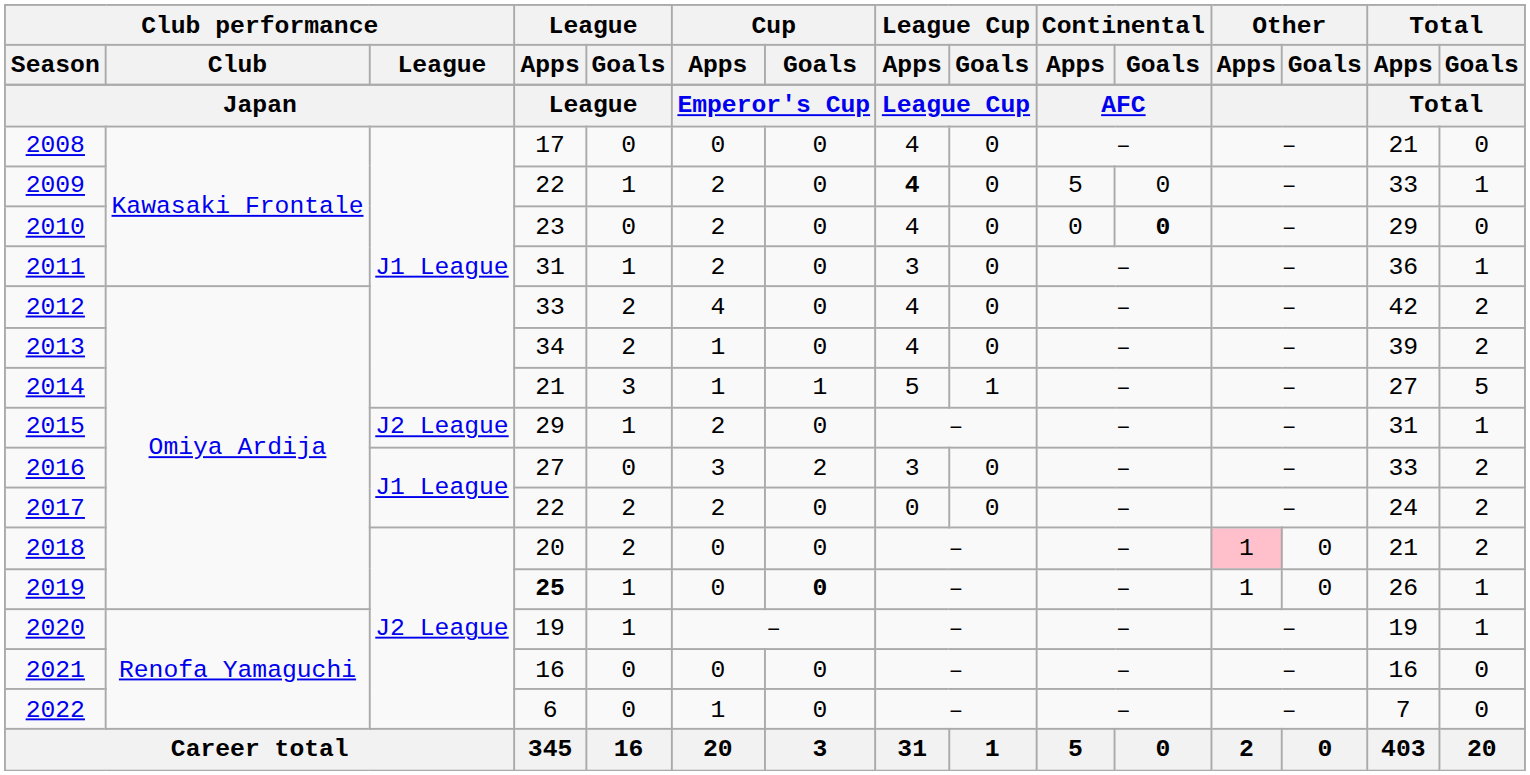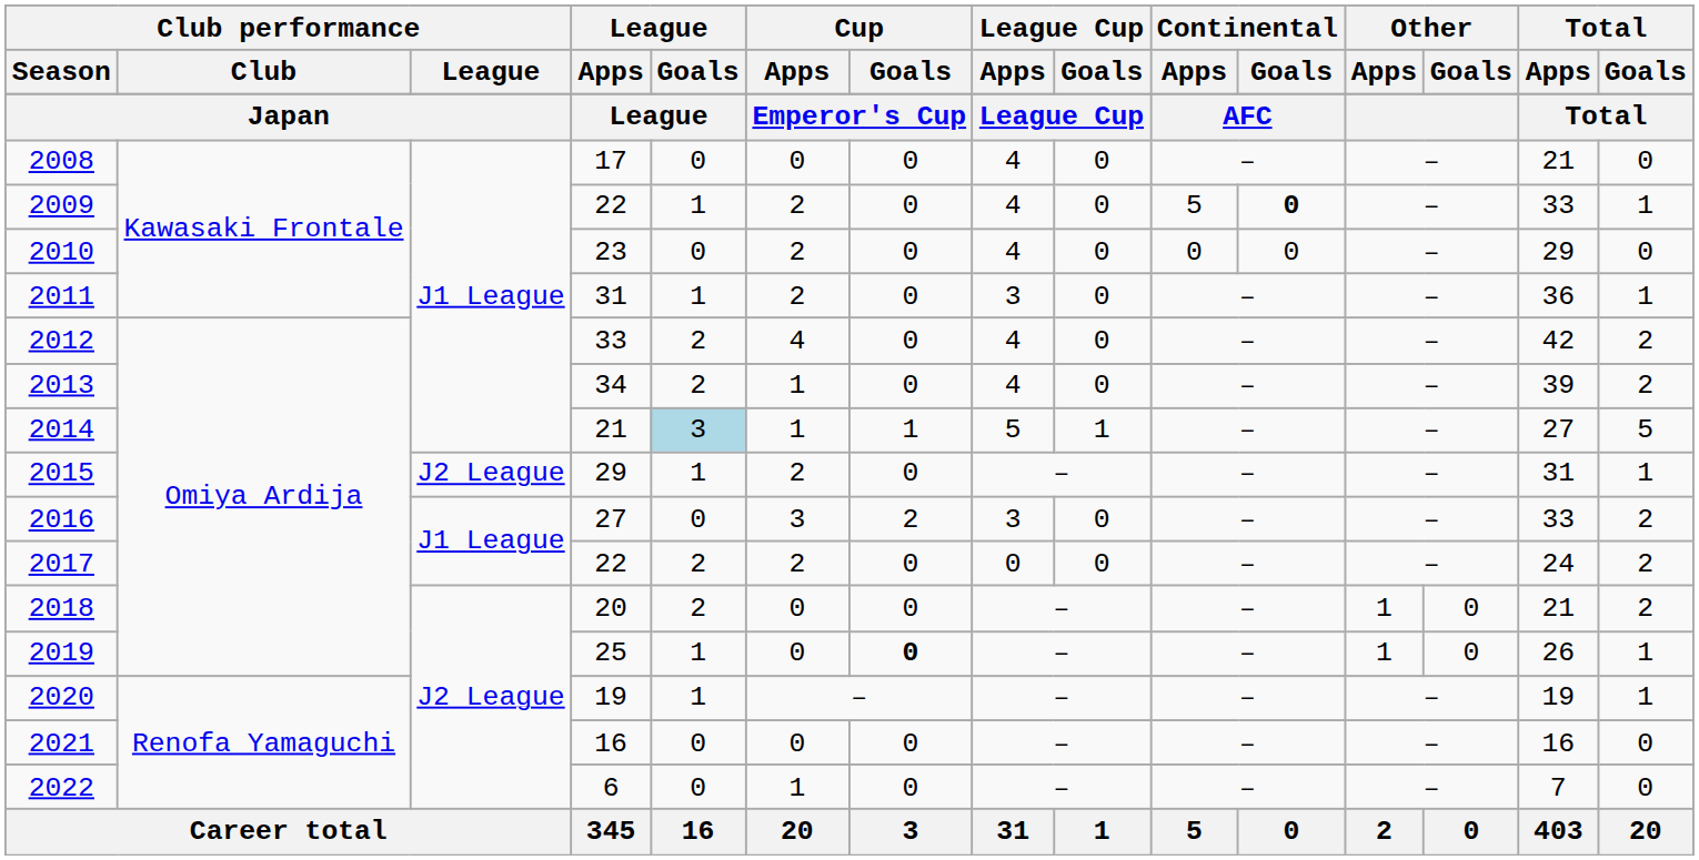 <table class="wikitable" style="text-align:center">
 <tr>
 <th colspan=3>Club performance</th>
 <th colspan=2>League</th>
 <th colspan=2>Cup</th>
 <th colspan=2>League Cup</th>
 <th colspan=2>Continental</th>
 <th colspan="2">Other</th>
 <th colspan=2>Total</th>
 </tr>
 <tr>
 <th>Season</th>
 <th>Club</th>
 <th>League</th>
 <th>Apps</th>
 <th>Goals</th>
 <th>Apps</th>
 <th>Goals</th>
 <th>Apps</th>
 <th>Goals</th>
 <th>Apps</th>
 <th>Goals</th>
 <th>Apps</th>
 <th>Goals</th>
 <th>Apps</th>
 <th>Goals</th>
 </tr>
 <tr>
 </tr>
 <tr>
 <th colspan=3>Japan</th>
 <th colspan=2>League</th>
 <th colspan=2><a href='#'>Emperor's Cup</a></th>
 <th colspan=2><a href='#'>League Cup</a></th>
 <th colspan=2><a href='#'>AFC</a></th>
 <th colspan="2"></th>
 <th colspan=2>Total</th>
 </tr>
 <tr>
 <td><a href='#'>2008</a></td>
 <td rowspan="4"><a href='#'>Kawasaki Frontale</a></td>
 <td rowspan="7"><a href='#'>J1 League</a></td>
 <td>17</td>
 <td>0</td>
 <td>0</td>
 <td>0</td>
 <td>4</td>
 <td>0</td>
 <td colspan="2">–</td>
 <td colspan="2">–</td>
 <td>21</td>
 <td>0</td>
 </tr>
 <tr>
 <td><a href='#'>2009</a></td>
 <td>22</td>
 <td>1</td>
 <td>2</td>
 <td>0</td>
-<td><strong>4</strong></td>
+<td>4</td>
 <td>0</td>
 <td>5</td>
-<td>0</td>
+<td><strong>0</strong></td>
 <td colspan="2">–</td>
 <td>33</td>
 <td>1</td>
 </tr>
 <tr>
 <td><a href='#'>2010</a></td>
 <td>23</td>
 <td>0</td>
 <td>2</td>
 <td>0</td>
 <td>4</td>
 <td>0</td>
 <td>0</td>
-<td><strong>0</strong></td>
+<td>0</td>
 <td colspan="2">–</td>
 <td>29</td>
 <td>0</td>
 </tr>
 <tr>
 <td><a href='#'>2011</a></td>
 <td>31</td>
 <td>1</td>
 <td>2</td>
 <td>0</td>
 <td>3</td>
 <td>0</td>
 <td colspan="2">–</td>
 <td colspan="2">–</td>
 <td>36</td>
 <td>1</td>
 </tr>
 <tr>
 <td><a href='#'>2012</a></td>
 <td rowspan="8"><a href='#'>Omiya Ardija</a></td>
 <td>33</td>
 <td>2</td>
 <td>4</td>
 <td>0</td>
 <td>4</td>
 <td>0</td>
 <td colspan="2">–</td>
 <td colspan="2">–</td>
 <td>42</td>
 <td>2</td>
 </tr>
 <tr>
 <td><a href='#'>2013</a></td>
 <td>34</td>
 <td>2</td>
 <td>1</td>
 <td>0</td>
 <td>4</td>
 <td>0</td>
 <td colspan="2">–</td>
 <td colspan="2">–</td>
 <td>39</td>
 <td>2</td>
 </tr>
 <tr>
 <td><a href='#'>2014</a></td>
 <td>21</td>
-<td>3</td>
+<td style="background: lightblue;">3</td>
 <td>1</td>
 <td>1</td>
 <td>5</td>
 <td>1</td>
 <td colspan="2">–</td>
 <td colspan="2">–</td>
 <td>27</td>
 <td>5</td>
 </tr>
 <tr>
 <td><a href='#'>2015</a></td>
 <td><a href='#'>J2 League</a></td>
 <td>29</td>
 <td>1</td>
 <td>2</td>
 <td>0</td>
 <td colspan="2">–</td>
 <td colspan="2">–</td>
 <td colspan="2">–</td>
 <td>31</td>
 <td>1</td>
 </tr>
 <tr>
 <td><a href='#'>2016</a></td>
 <td rowspan="2"><a href='#'>J1 League</a></td>
 <td>27</td>
 <td>0</td>
 <td>3</td>
 <td>2</td>
 <td>3</td>
 <td>0</td>
 <td colspan="2">–</td>
 <td colspan="2">–</td>
 <td>33</td>
 <td>2</td>
 </tr>
 <tr>
 <td><a href='#'>2017</a></td>
 <td>22</td>
 <td>2</td>
 <td>2</td>
 <td>0</td>
 <td>0</td>
 <td>0</td>
 <td colspan="2">–</td>
 <td colspan="2">–</td>
 <td>24</td>
 <td>2</td>
 </tr>
 <tr>
 <td><a href='#'>2018</a></td>
 <td rowspan="5"><a href='#'>J2 League</a></td>
 <td>20</td>
 <td>2</td>
 <td>0</td>
 <td>0</td>
 <td colspan="2">–</td>
 <td colspan="2">–</td>
-<td style="background: pink;">1</td>
+<td>1</td>
 <td>0</td>
 <td>21</td>
 <td>2</td>
 </tr>
 <tr>
 <td><a href='#'>2019</a></td>
-<td><strong>25</strong></td>
+<td>25</td>
 <td>1</td>
 <td>0</td>
 <td><strong>0</strong></td>
 <td colspan="2">–</td>
 <td colspan="2">–</td>
 <td>1</td>
 <td>0</td>
 <td>26</td>
 <td>1</td>
 </tr>
 <tr>
 <td><a href='#'>2020</a></td>
 <td rowspan="3"><a href='#'>Renofa Yamaguchi</a></td>
 <td>19</td>
 <td>1</td>
 <td colspan="2">–</td>
 <td colspan="2">–</td>
 <td colspan="2">–</td>
 <td colspan="2">–</td>
 <td>19</td>
 <td>1</td>
 </tr>
 <tr>
 <td><a href='#'>2021</a></td>
 <td>16</td>
 <td>0</td>
 <td>0</td>
 <td>0</td>
 <td colspan="2">–</td>
 <td colspan="2">–</td>
 <td colspan="2">–</td>
 <td>16</td>
 <td>0</td>
 </tr>
 <tr>
 <td><a href='#'>2022</a></td>
 <td>6</td>
 <td>0</td>
 <td>1</td>
 <td>0</td>
 <td colspan="2">–</td>
 <td colspan="2">–</td>
 <td colspan="2">–</td>
 <td>7</td>
 <td>0</td>
 </tr>
 <tr>
 <th colspan="3">Career total</th>
 <th>345</th>
 <th>16</th>
 <th>20</th>
 <th>3</th>
 <th>31</th>
 <th>1</th>
 <th>5</th>
 <th>0</th>
 <th>2</th>
 <th>0</th>
 <th>403</th>
 <th>20</th>
 </tr>
 </table>
